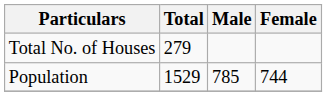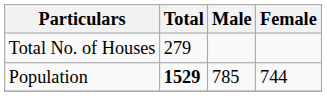 <table class="wikitable sortable">
 <tr>
 <th>Particulars</th>
 <th>Total</th>
 <th>Male</th>
 <th>Female</th>
 </tr>
 <tr>
 <td>Total No. of Houses</td>
 <td>279</td>
 <td></td>
 <td></td>
 </tr>
 <tr>
 <td>Population</td>
-<td>1529</td>
+<td><strong>1529</strong></td>
 <td>785</td>
 <td>744</td>
 </tr>
 <tr>
 </tr>
 </table>
